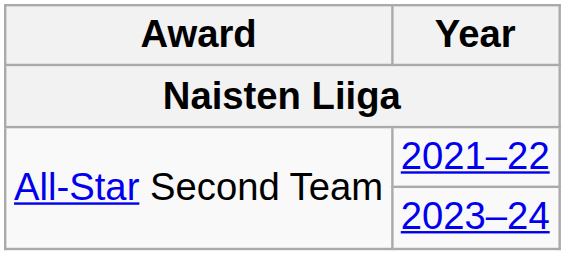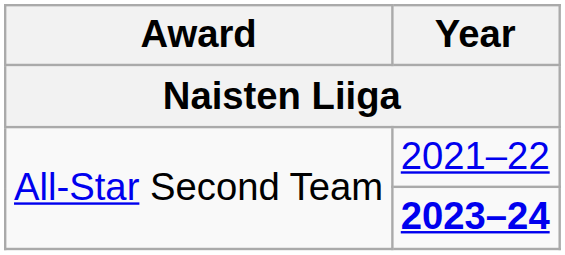 <table class="wikitable">
 <tr>
 <th scope="col">Award</th>
 <th scope="col">Year</th>
 </tr>
 <tr>
 <th colspan="2">Naisten Liiga</th>
 </tr>
 <tr>
 <td rowspan="2"><a href='#'>All-Star</a> Second Team</td>
 <td><a href='#'>2021–22</a></td>
 </tr>
 <tr>
-<td><a href='#'>2023–24</a></td>
+<td><strong><a href='#'>2023–24</a></strong></td>
 </tr>
 </table>
